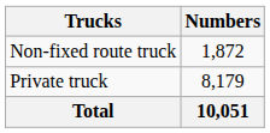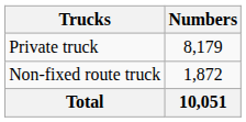 <table class="wikitable" style="display:inline-table;">
 <tr>
 <th>Trucks</th>
 <th>Numbers</th>
 </tr>
 <tr>
+<td>Private truck</td>
+<td style="text-align:center;">8,179</td>
+</tr>
+<tr>
 <td>Non-fixed route truck</td>
 <td style="text-align:center;">1,872</td>
-</tr>
-<tr>
-<td>Private truck</td>
-<td style="text-align:center;">8,179</td>
 </tr>
 <tr>
 <th>Total</th>
 <th>10,051</th>
 </tr>
 </table>
